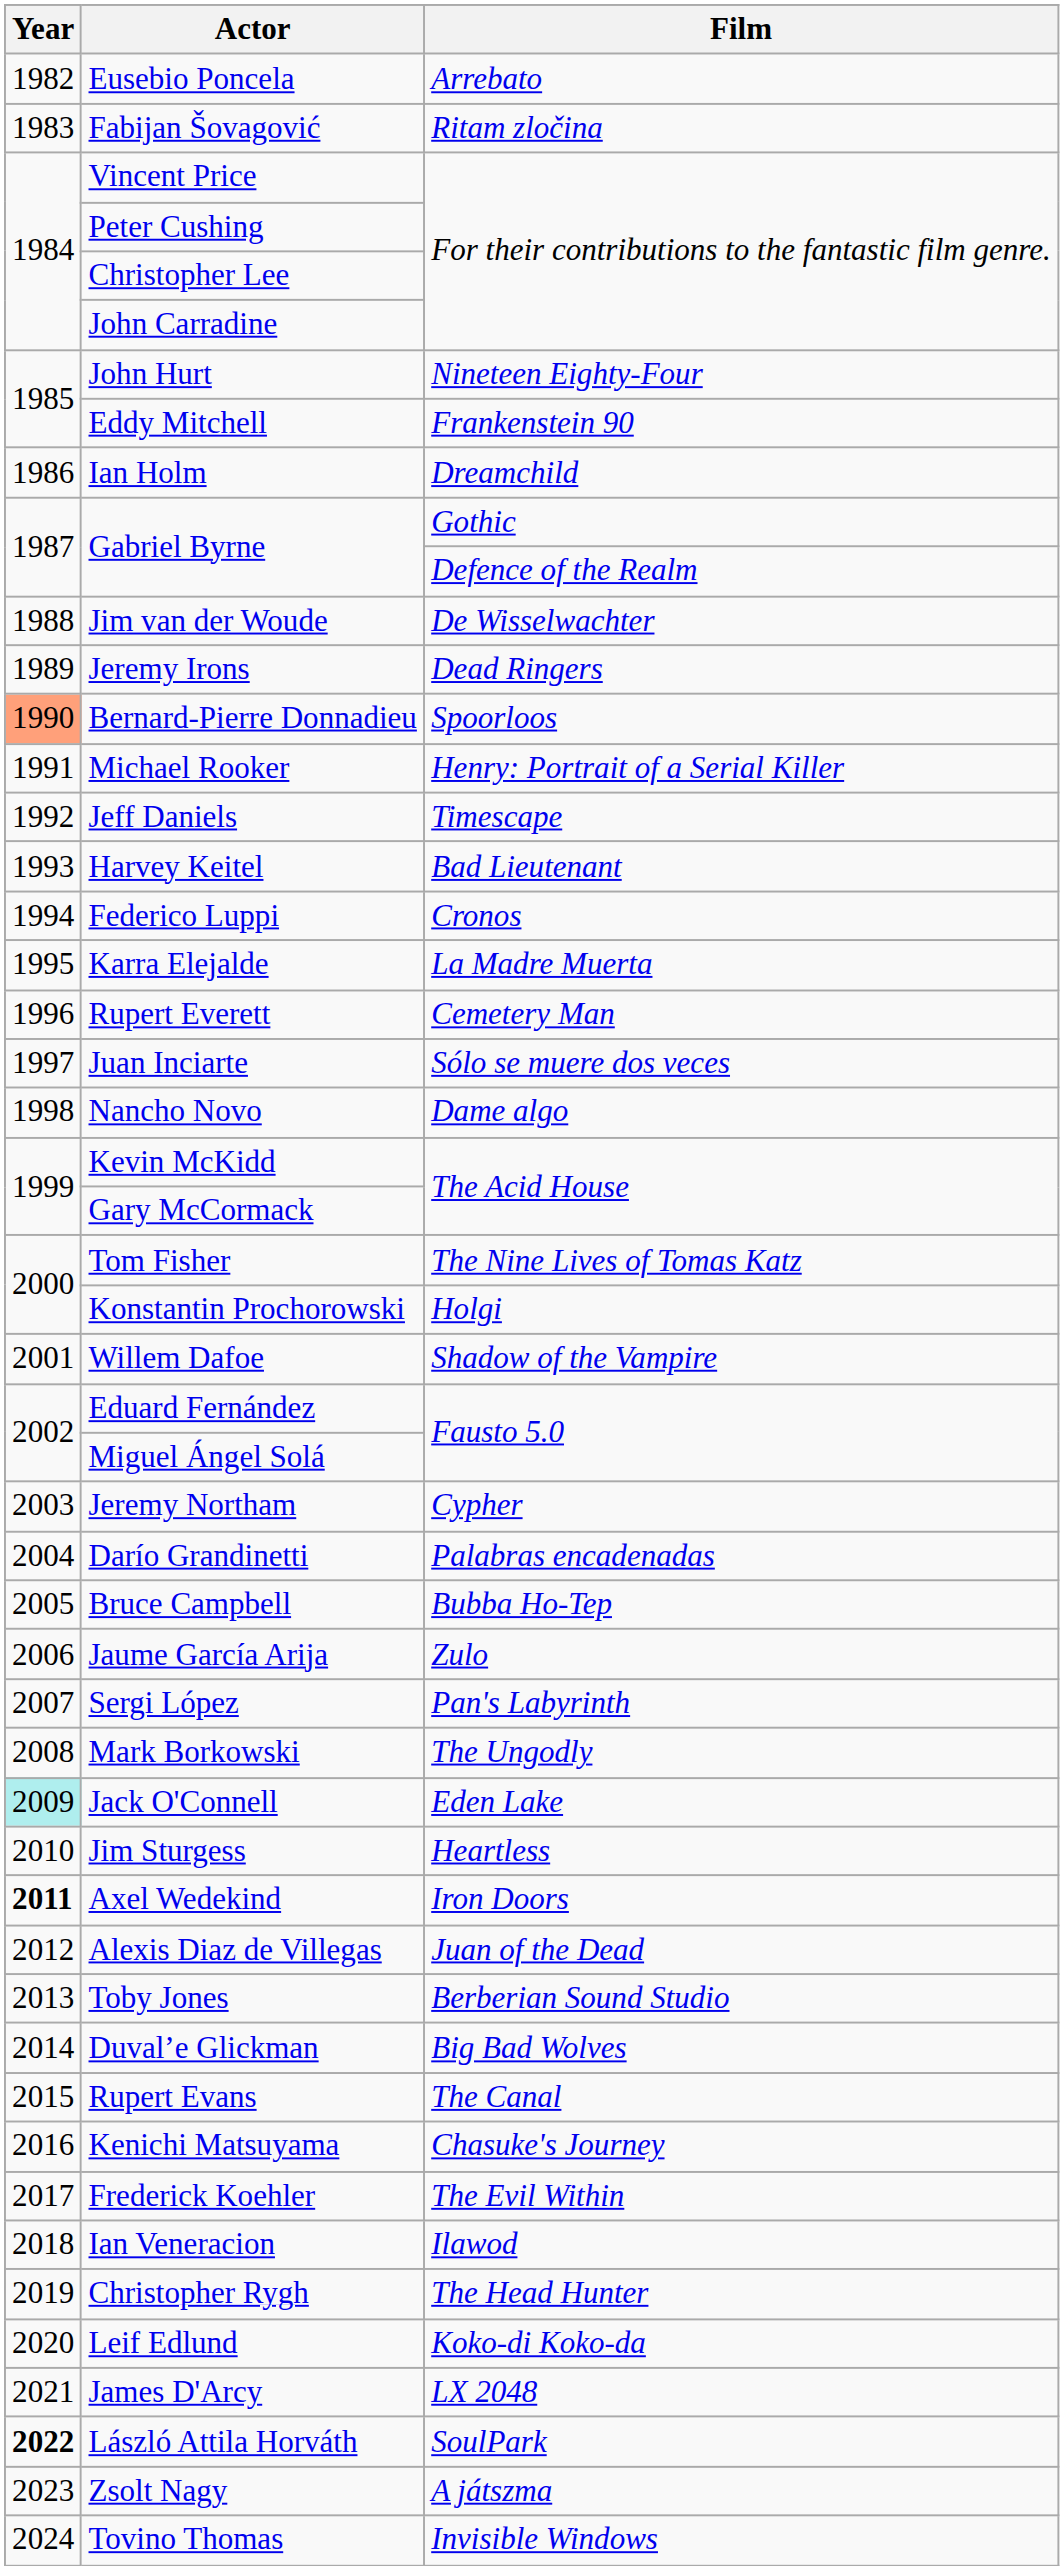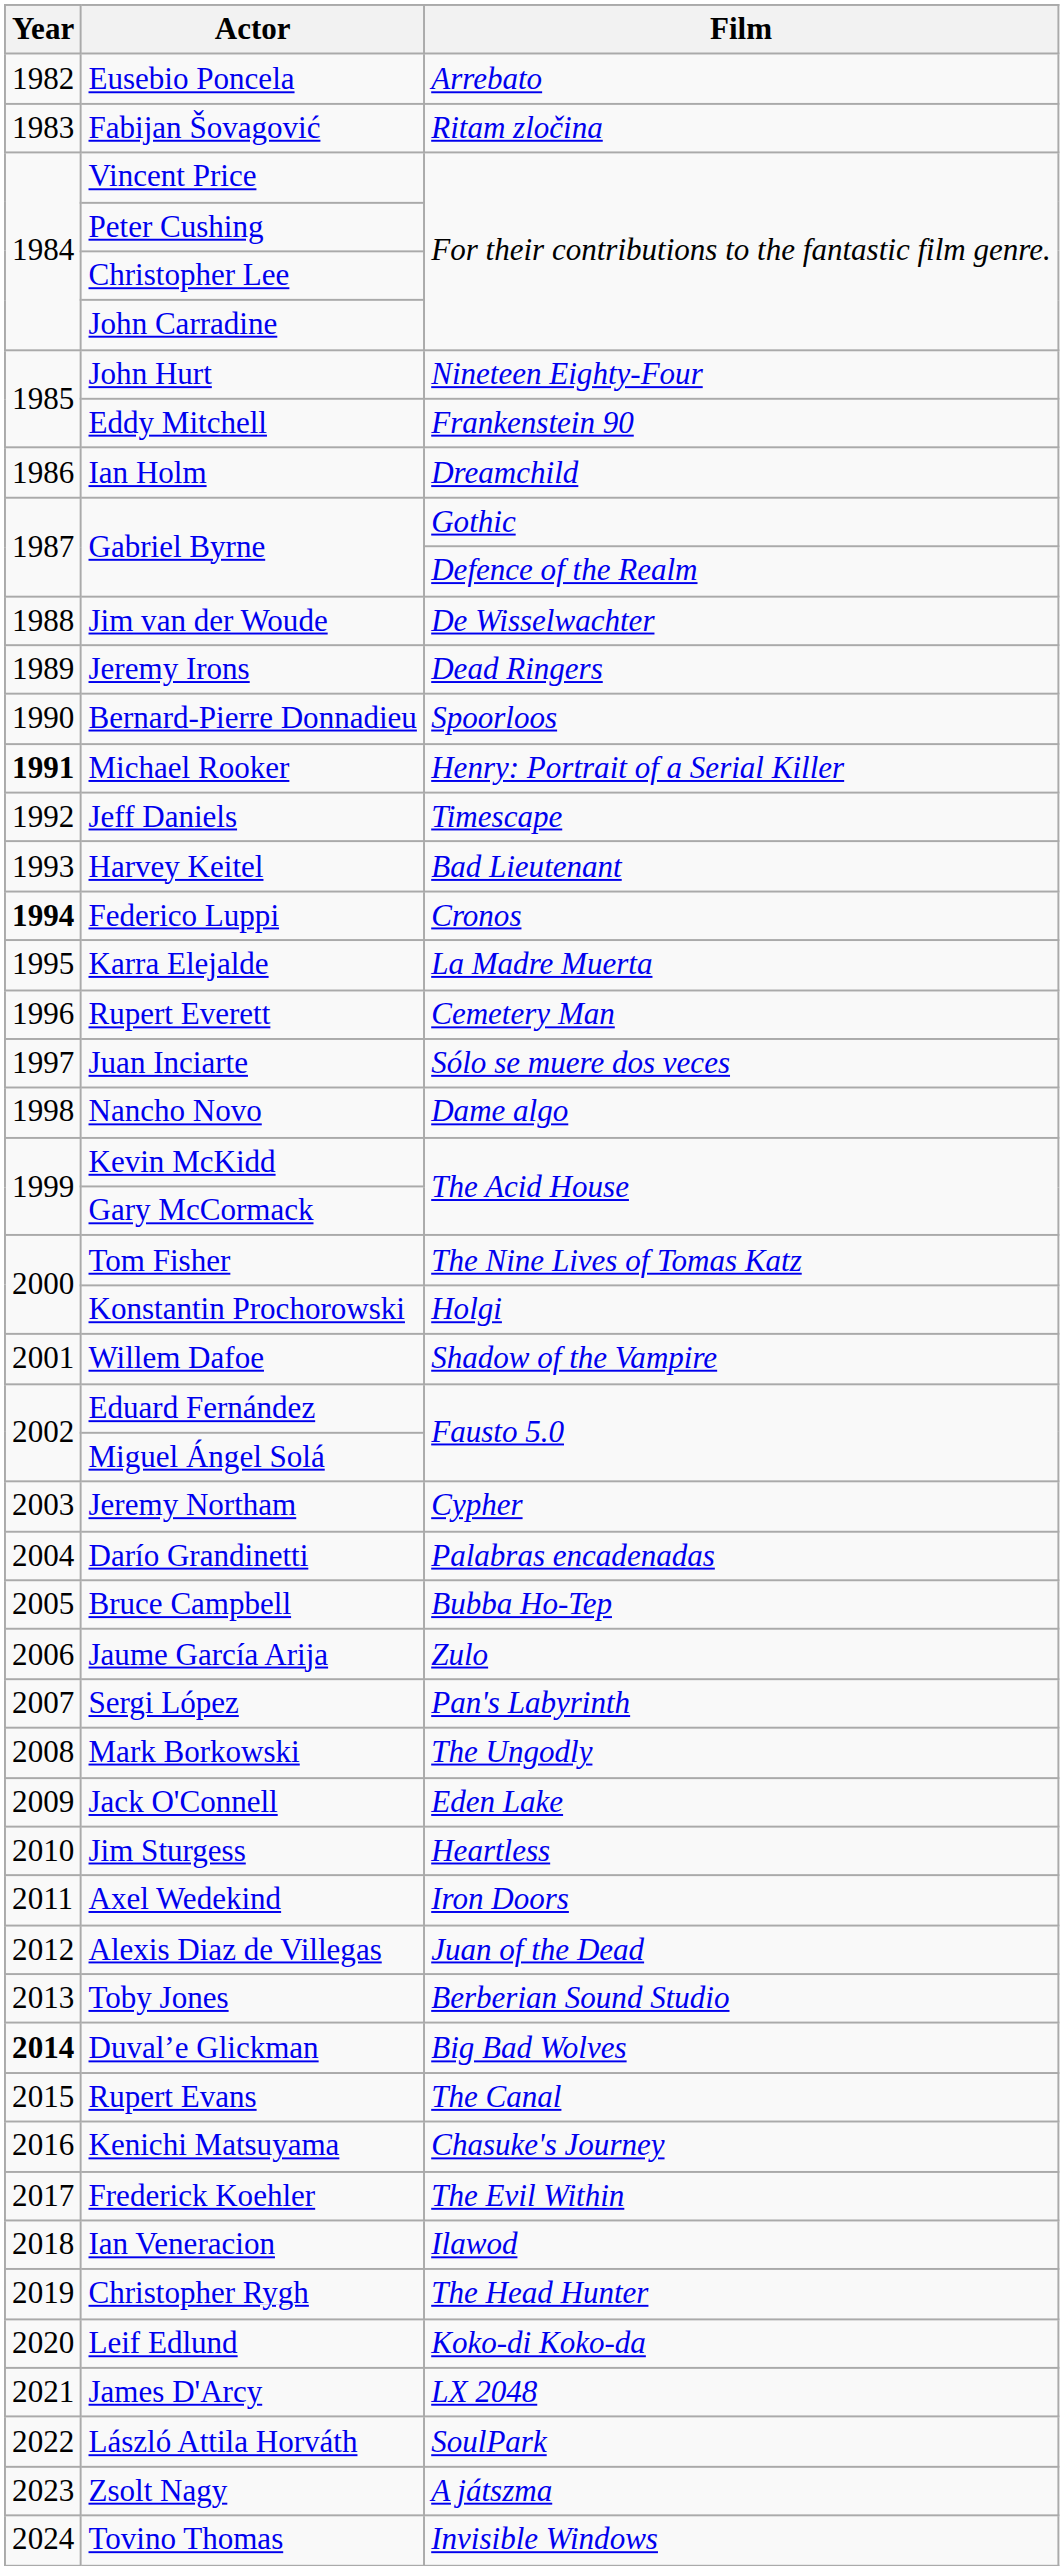 <table class="wikitable">
 <tr>
 <th>Year</th>
 <th>Actor</th>
 <th>Film</th>
 </tr>
 <tr>
 <td>1982</td>
 <td> <a href='#'>Eusebio Poncela</a></td>
 <td><em><a href='#'>Arrebato</a></em></td>
 </tr>
 <tr>
 <td>1983</td>
 <td> <a href='#'>Fabijan Šovagović</a></td>
 <td><em><a href='#'>Ritam zločina</a></em></td>
 </tr>
 <tr>
 <td rowspan="4">1984</td>
 <td> <a href='#'>Vincent Price</a></td>
 <td rowspan="4"><em>For their contributions to the fantastic film genre.</em></td>
 </tr>
 <tr>
 <td> <a href='#'>Peter Cushing</a></td>
 </tr>
 <tr>
 <td> <a href='#'>Christopher Lee</a></td>
 </tr>
 <tr>
 <td> <a href='#'>John Carradine</a></td>
 </tr>
 <tr>
 <td rowspan="2">1985</td>
 <td> <a href='#'>John Hurt</a></td>
 <td><em><a href='#'>Nineteen Eighty-Four</a></em></td>
 </tr>
 <tr>
 <td> <a href='#'>Eddy Mitchell</a></td>
 <td><em><a href='#'>Frankenstein 90</a></em></td>
 </tr>
 <tr>
 <td>1986</td>
 <td> <a href='#'>Ian Holm</a></td>
 <td><em><a href='#'>Dreamchild</a></em></td>
 </tr>
 <tr>
 <td rowspan="2">1987</td>
 <td rowspan="2"> <a href='#'>Gabriel Byrne</a></td>
 <td><em><a href='#'>Gothic</a></em></td>
 </tr>
 <tr>
 <td><em><a href='#'>Defence of the Realm</a></em></td>
 </tr>
 <tr>
 <td>1988</td>
 <td> <a href='#'>Jim van der Woude</a></td>
 <td><em><a href='#'>De Wisselwachter</a></em></td>
 </tr>
 <tr>
 <td>1989</td>
 <td> <a href='#'>Jeremy Irons</a></td>
 <td><em><a href='#'>Dead Ringers</a></em></td>
 </tr>
 <tr>
-<td style="background: lightsalmon;">1990</td>
+<td>1990</td>
 <td> <a href='#'>Bernard-Pierre Donnadieu</a></td>
 <td><em><a href='#'>Spoorloos</a></em></td>
 </tr>
 <tr>
-<td>1991</td>
+<td><strong>1991</strong></td>
 <td> <a href='#'>Michael Rooker</a></td>
 <td><em><a href='#'>Henry: Portrait of a Serial Killer</a></em></td>
 </tr>
 <tr>
 <td>1992</td>
 <td> <a href='#'>Jeff Daniels</a></td>
 <td><em><a href='#'>Timescape</a></em></td>
 </tr>
 <tr>
 <td>1993</td>
 <td> <a href='#'>Harvey Keitel</a></td>
 <td><em><a href='#'>Bad Lieutenant</a></em></td>
 </tr>
 <tr>
-<td>1994</td>
+<td><strong>1994</strong></td>
 <td> <a href='#'>Federico Luppi</a></td>
 <td><em><a href='#'>Cronos</a></em></td>
 </tr>
 <tr>
 <td>1995</td>
 <td> <a href='#'>Karra Elejalde</a></td>
 <td><em><a href='#'>La Madre Muerta</a></em></td>
 </tr>
 <tr>
 <td>1996</td>
 <td> <a href='#'>Rupert Everett</a></td>
 <td><em><a href='#'>Cemetery Man</a></em></td>
 </tr>
 <tr>
 <td>1997</td>
 <td> <a href='#'>Juan Inciarte</a></td>
 <td><em><a href='#'>Sólo se muere dos veces</a></em></td>
 </tr>
 <tr>
 <td>1998</td>
 <td> <a href='#'>Nancho Novo</a></td>
 <td><em><a href='#'>Dame algo</a></em></td>
 </tr>
 <tr>
 <td rowspan="2">1999</td>
 <td> <a href='#'>Kevin McKidd</a></td>
 <td rowspan="2"><em><a href='#'>The Acid House</a></em></td>
 </tr>
 <tr>
 <td> <a href='#'>Gary McCormack</a></td>
 </tr>
 <tr>
 <td rowspan="2">2000</td>
 <td> <a href='#'>Tom Fisher</a></td>
 <td><em><a href='#'>The Nine Lives of Tomas Katz</a></em></td>
 </tr>
 <tr>
 <td> <a href='#'>Konstantin Prochorowski</a></td>
 <td><em><a href='#'>Holgi</a></em></td>
 </tr>
 <tr>
 <td>2001</td>
 <td> <a href='#'>Willem Dafoe</a></td>
 <td><em><a href='#'>Shadow of the Vampire</a></em></td>
 </tr>
 <tr>
 <td rowspan="2">2002</td>
 <td> <a href='#'>Eduard Fernández</a></td>
 <td rowspan="2"><em><a href='#'>Fausto 5.0</a></em></td>
 </tr>
 <tr>
 <td> <a href='#'>Miguel Ángel Solá</a></td>
 </tr>
 <tr>
 <td>2003</td>
 <td> <a href='#'>Jeremy Northam</a></td>
 <td><em><a href='#'>Cypher</a></em></td>
 </tr>
 <tr>
 <td>2004</td>
 <td> <a href='#'>Darío Grandinetti</a></td>
 <td><em><a href='#'>Palabras encadenadas</a></em></td>
 </tr>
 <tr>
 <td>2005</td>
 <td> <a href='#'>Bruce Campbell</a></td>
 <td><em><a href='#'>Bubba Ho-Tep</a></em></td>
 </tr>
 <tr>
 <td>2006</td>
 <td> <a href='#'>Jaume García Arija</a></td>
 <td><em><a href='#'>Zulo</a></em></td>
 </tr>
 <tr>
 <td>2007</td>
 <td> <a href='#'>Sergi López</a></td>
 <td><em><a href='#'>Pan's Labyrinth</a></em></td>
 </tr>
 <tr>
 <td>2008</td>
 <td> <a href='#'>Mark Borkowski</a></td>
 <td><em><a href='#'>The Ungodly</a></em></td>
 </tr>
 <tr>
-<td style="background: paleturquoise;">2009</td>
+<td>2009</td>
 <td> <a href='#'>Jack O'Connell</a></td>
 <td><em><a href='#'>Eden Lake</a></em></td>
 </tr>
 <tr>
 <td>2010</td>
 <td> <a href='#'>Jim Sturgess</a></td>
 <td><em><a href='#'>Heartless</a></em></td>
 </tr>
 <tr>
-<td><strong>2011</strong></td>
+<td>2011</td>
 <td> <a href='#'>Axel Wedekind</a></td>
 <td><em><a href='#'>Iron Doors</a></em></td>
 </tr>
 <tr>
 <td>2012</td>
 <td> <a href='#'>Alexis Diaz de Villegas</a></td>
 <td><em><a href='#'>Juan of the Dead</a></em></td>
 </tr>
 <tr>
 <td>2013</td>
 <td> <a href='#'>Toby Jones</a></td>
 <td><em><a href='#'>Berberian Sound Studio</a></em></td>
 </tr>
 <tr>
-<td>2014</td>
+<td><strong>2014</strong></td>
 <td> <a href='#'>Duval’e Glickman</a></td>
 <td><em><a href='#'>Big Bad Wolves</a></em></td>
 </tr>
 <tr>
 <td>2015</td>
 <td> <a href='#'>Rupert Evans</a></td>
 <td><em><a href='#'>The Canal</a></em></td>
 </tr>
 <tr>
 <td>2016</td>
 <td> <a href='#'>Kenichi Matsuyama</a></td>
 <td><em><a href='#'>Chasuke's Journey</a></em></td>
 </tr>
 <tr>
 <td>2017</td>
 <td> <a href='#'>Frederick Koehler</a></td>
 <td><em><a href='#'>The Evil Within</a></em></td>
 </tr>
 <tr>
 <td>2018</td>
 <td> <a href='#'>Ian Veneracion</a></td>
 <td><em><a href='#'>Ilawod</a></em></td>
 </tr>
 <tr>
 <td>2019</td>
 <td> <a href='#'>Christopher Rygh</a></td>
 <td><em><a href='#'>The Head Hunter</a></em></td>
 </tr>
 <tr>
 <td>2020</td>
 <td> <a href='#'>Leif Edlund</a></td>
 <td><em><a href='#'>Koko-di Koko-da</a></em></td>
 </tr>
 <tr>
 <td>2021</td>
 <td> <a href='#'>James D'Arcy</a></td>
 <td><em><a href='#'>LX 2048</a></em></td>
 </tr>
 <tr>
-<td><strong>2022</strong></td>
+<td>2022</td>
 <td> <a href='#'>László Attila Horváth</a></td>
 <td><em><a href='#'>SoulPark</a></em></td>
 </tr>
 <tr>
 <td>2023</td>
 <td> <a href='#'>Zsolt Nagy</a></td>
 <td><em><a href='#'>A játszma</a></em></td>
 </tr>
 <tr>
 <td>2024</td>
 <td> <a href='#'>Tovino Thomas</a></td>
 <td><em><a href='#'>Invisible Windows</a></em></td>
 </tr>
 </table>
